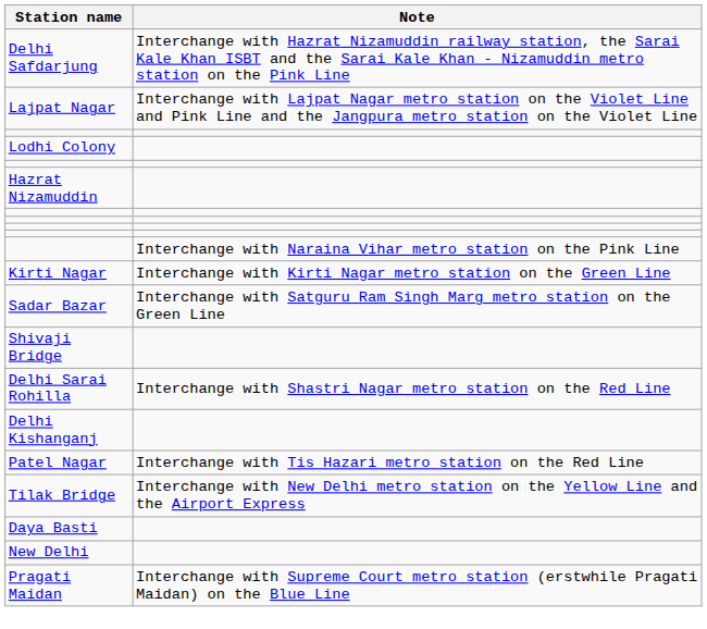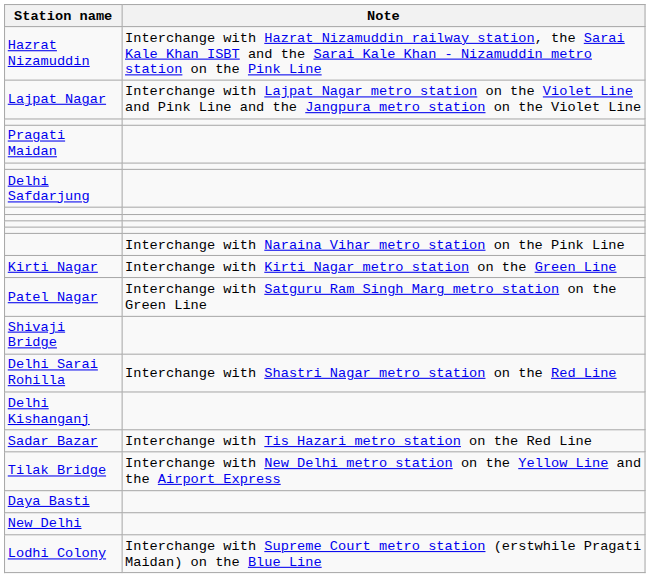 <table class="wikitable sortable">
 <tr>
 <th>Station name</th>
 <th>Note</th>
 </tr>
 <tr>
-<td><a href='#'>Delhi Safdarjung</a></td>
+<td><a href='#'>Hazrat Nizamuddin</a></td>
 <td>Interchange with <a href='#'>Hazrat Nizamuddin railway station</a>, the <a href='#'>Sarai Kale Khan ISBT</a> and the <a href='#'>Sarai Kale Khan - Nizamuddin metro station</a> on the <a href='#'>Pink Line</a></td>
 </tr>
 <tr>
 <td><a href='#'>Lajpat Nagar</a></td>
 <td>Interchange with <a href='#'>Lajpat Nagar metro station</a> on the <a href='#'>Violet Line</a> and Pink Line and the <a href='#'>Jangpura metro station</a> on the Violet Line</td>
 </tr>
 <tr>
 <td></td>
 <td></td>
 </tr>
 <tr>
-<td><a href='#'>Lodhi Colony</a></td>
+<td><a href='#'>Pragati Maidan</a></td>
 <td></td>
 </tr>
 <tr>
 <td></td>
 <td></td>
 </tr>
 <tr>
-<td><a href='#'>Hazrat Nizamuddin</a></td>
+<td><a href='#'>Delhi Safdarjung</a></td>
 <td></td>
 </tr>
 <tr>
 <td></td>
 <td></td>
 </tr>
 <tr>
 <td></td>
 <td></td>
 </tr>
 <tr>
 <td></td>
 <td></td>
 </tr>
 <tr>
 <td></td>
 <td></td>
 </tr>
 <tr>
 <td></td>
 <td>Interchange with <a href='#'>Naraina Vihar metro station</a> on the Pink Line</td>
 </tr>
 <tr>
 <td><a href='#'>Kirti Nagar</a></td>
 <td>Interchange with <a href='#'>Kirti Nagar metro station</a> on the <a href='#'>Green Line</a></td>
 </tr>
 <tr>
-<td><a href='#'>Sadar Bazar</a></td>
+<td><a href='#'>Patel Nagar</a></td>
 <td>Interchange with <a href='#'>Satguru Ram Singh Marg metro station</a> on the Green Line</td>
 </tr>
 <tr>
 <td><a href='#'>Shivaji Bridge</a></td>
 <td></td>
 </tr>
 <tr>
 <td><a href='#'>Delhi Sarai Rohilla</a></td>
 <td>Interchange with <a href='#'>Shastri Nagar metro station</a> on the <a href='#'>Red Line</a></td>
 </tr>
 <tr>
 <td><a href='#'>Delhi Kishanganj</a></td>
 <td></td>
 </tr>
 <tr>
-<td><a href='#'>Patel Nagar</a></td>
+<td><a href='#'>Sadar Bazar</a></td>
 <td>Interchange with <a href='#'>Tis Hazari metro station</a> on the Red Line</td>
 </tr>
 <tr>
 <td><a href='#'>Tilak Bridge</a></td>
 <td>Interchange with <a href='#'>New Delhi metro station</a> on the <a href='#'>Yellow Line</a> and the <a href='#'>Airport Express</a></td>
 </tr>
 <tr>
 <td><a href='#'>Daya Basti</a></td>
 <td></td>
 </tr>
 <tr>
 <td><a href='#'>New Delhi</a></td>
 <td></td>
 </tr>
 <tr>
-<td><a href='#'>Pragati Maidan</a></td>
+<td><a href='#'>Lodhi Colony</a></td>
 <td>Interchange with <a href='#'>Supreme Court metro station</a> (erstwhile Pragati Maidan) on the <a href='#'>Blue Line</a></td>
 </tr>
 </table>
